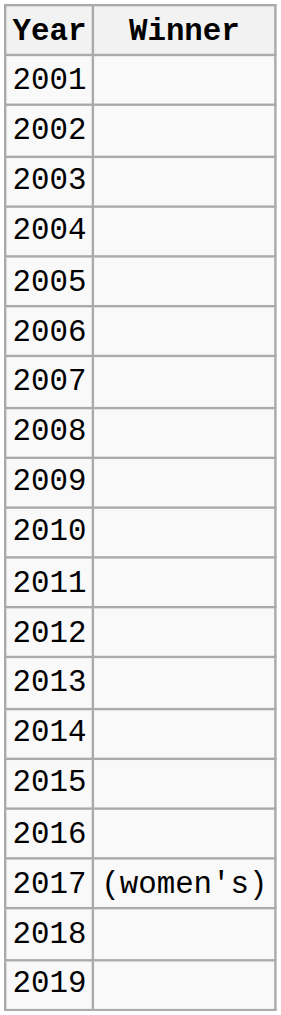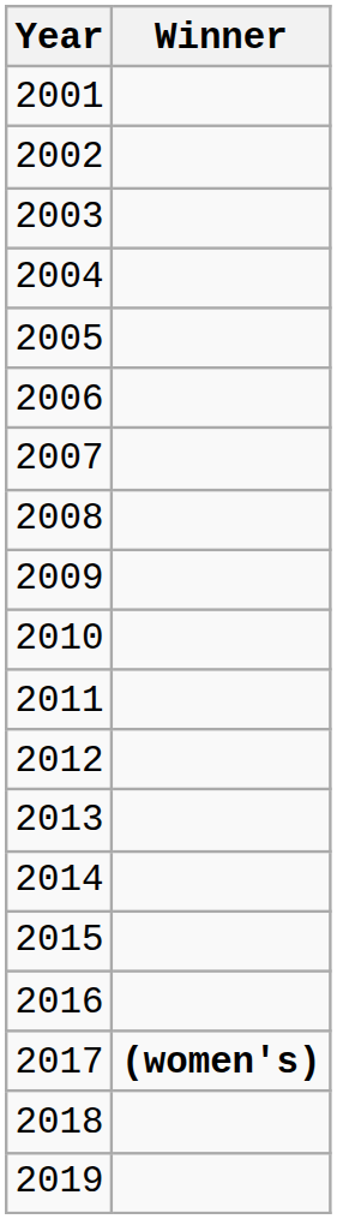 <table class=wikitable>
 <tr>
 <th>Year</th>
 <th>Winner</th>
 </tr>
 <tr>
 <td>2001</td>
 <td></td>
 </tr>
 <tr>
 <td>2002</td>
 <td></td>
 </tr>
 <tr>
 <td>2003</td>
 <td></td>
 </tr>
 <tr>
 <td>2004</td>
 <td></td>
 </tr>
 <tr>
 <td>2005</td>
 <td></td>
 </tr>
 <tr>
 <td>2006</td>
 <td></td>
 </tr>
 <tr>
 <td>2007</td>
 <td></td>
 </tr>
 <tr>
 <td>2008</td>
 <td></td>
 </tr>
 <tr>
 <td>2009</td>
 <td></td>
 </tr>
 <tr>
 <td>2010</td>
 <td></td>
 </tr>
 <tr>
 <td>2011</td>
 <td></td>
 </tr>
 <tr>
 <td>2012</td>
 <td></td>
 </tr>
 <tr>
 <td>2013</td>
 <td></td>
 </tr>
 <tr>
 <td>2014</td>
 <td></td>
 </tr>
 <tr>
 <td>2015</td>
 <td></td>
 </tr>
 <tr>
 <td>2016</td>
 <td></td>
 </tr>
 <tr>
 <td>2017</td>
-<td> (women's)</td>
+<td><strong> (women's)</strong></td>
 </tr>
 <tr>
 <td>2018</td>
 <td></td>
 </tr>
 <tr>
 <td>2019</td>
 <td></td>
 </tr>
 </table>
